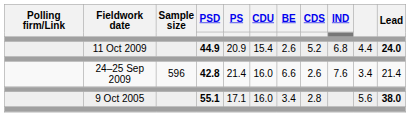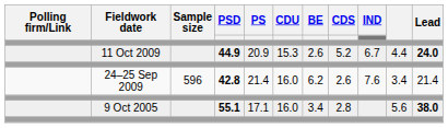 <table class="wikitable collapsible sortable" style="text-align:center; font-size:95%; line-height:16px;">
 <tr style="height:42px;">
 <th style="width:145px;" rowspan="2">Polling firm/Link</th>
 <th style="width:125px;" rowspan="2">Fieldwork date</th>
 <th class="unsortable" style="width:50px;" rowspan="2">Sample size</th>
 <th class="unsortable" style="width:35px;"><a href='#'>PSD</a></th>
 <th class="unsortable" style="width:35px;"><a href='#'>PS</a></th>
 <th class="unsortable" style="width:35px;"><a href='#'>CDU</a></th>
 <th class="unsortable" style="width:35px;"><a href='#'>BE</a></th>
 <th class="unsortable" style="width:35px;"><a href='#'>CDS</a></th>
 <th class="unsortable" style="width:35px;"><a href='#'>IND</a></th>
 <th class="unsortable" style="width:35px;" rowspan="2"></th>
 <th class="unsortable" style="width:30px;" rowspan="2">Lead</th>
 </tr>
 <tr>
 <th class="unsortable" style="color:inherit;background:"></th>
 <th class="unsortable" style="color:inherit;background:"></th>
 <th class="unsortable" style="color:inherit;background:"></th>
 <th class="unsortable" style="color:inherit;background:"></th>
 <th class="unsortable" style="color:inherit;background:"></th>
 <th class="unsortable" style="color:inherit;background:#777777;"></th>
 </tr>
 <tr>
 <td colspan="13" style="background:#A0A0A0"></td>
 </tr>
 <tr style="background:#EFEFEF;">
 <td><strong></strong></td>
 <td data-sort-value="2019-10-06">11 Oct 2009</td>
 <td></td>
 <td><strong>44.9</strong><br></td>
 <td>20.9<br></td>
-<td>15.4<br></td>
+<td>15.3<br></td>
 <td>2.6<br></td>
 <td>5.2<br></td>
-<td>6.8<br></td>
+<td>6.7<br></td>
 <td>4.4</td>
 <td style="background:"><strong>24.0</strong></td>
 </tr>
 <tr>
 <td colspan="13" style="background:#A0A0A0"></td>
 </tr>
 <tr>
 <td align="center"></td>
 <td align="center">24–25 Sep 2009</td>
 <td>596</td>
 <td align="center" ><strong>42.8</strong></td>
 <td align="center">21.4</td>
 <td align="center">16.0</td>
-<td align="center">6.6</td>
+<td align="center">6.2</td>
 <td align="center">2.6</td>
 <td align="center">7.6</td>
 <td align="center">3.4</td>
 <td style="background:">21.4</td>
 </tr>
 <tr>
 <td colspan="13" style="background:#A0A0A0"></td>
 </tr>
 <tr style="background:#EFEFEF;">
 <td><strong></strong></td>
 <td data-sort-value="2019-10-06">9 Oct 2005</td>
 <td></td>
 <td><strong>55.1</strong><br></td>
 <td>17.1<br></td>
 <td>16.0<br></td>
 <td>3.4<br></td>
 <td>2.8<br></td>
 <td></td>
 <td>5.6</td>
 <td style="background:"><strong>38.0</strong></td>
 </tr>
 <tr>
 <td colspan="13" style="background:#A0A0A0"></td>
 </tr>
 <tr>
 </tr>
 </table>
